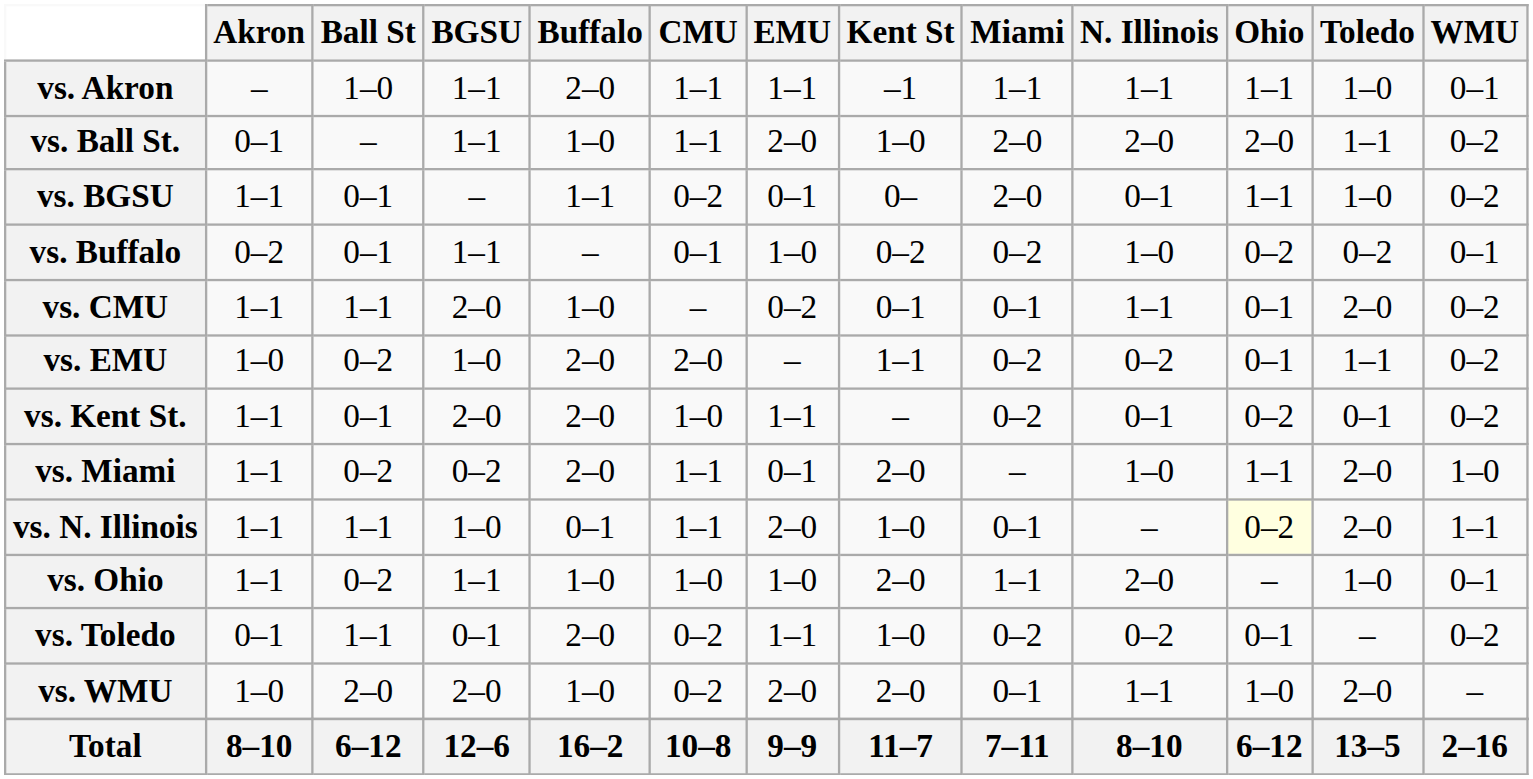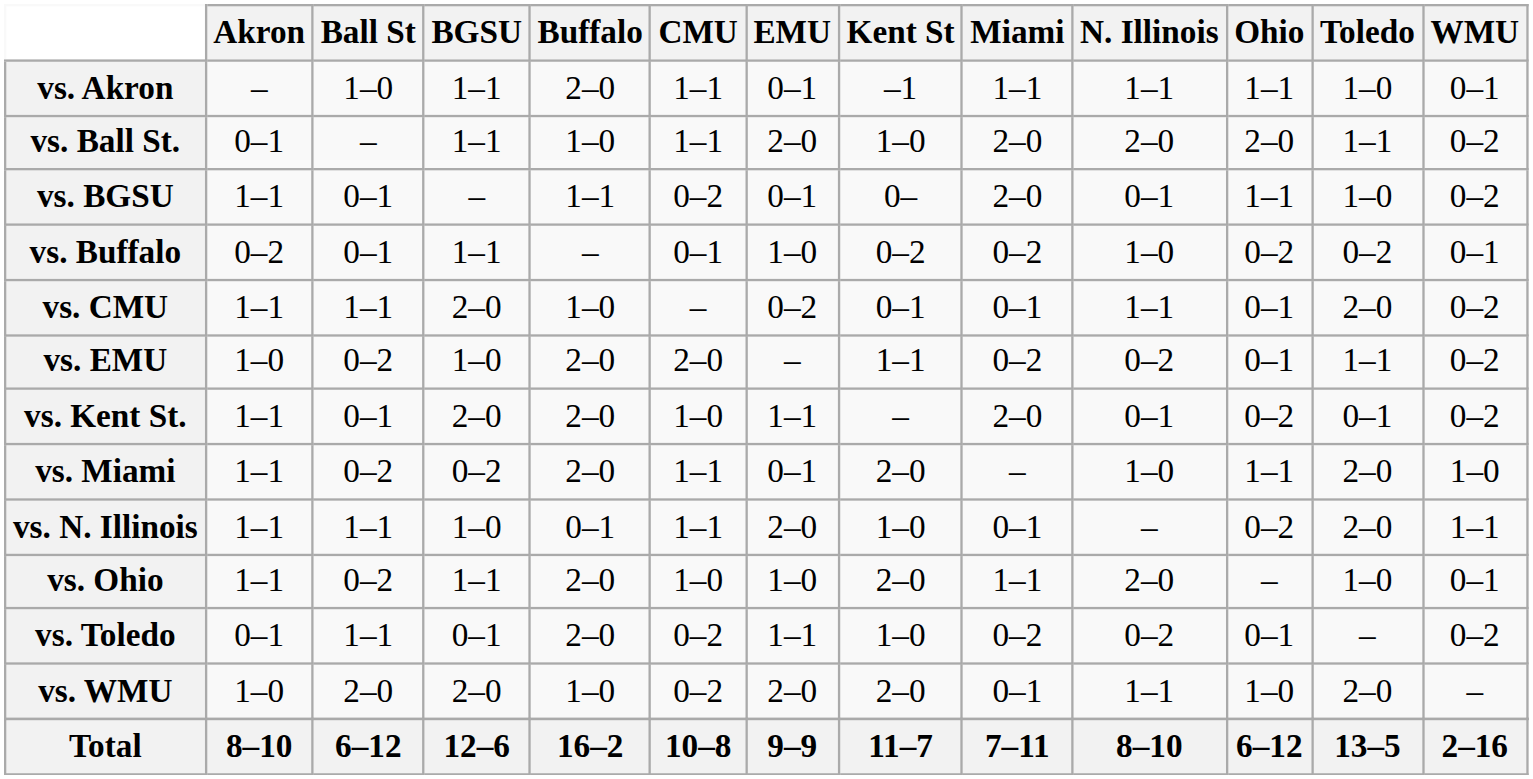 <table class="wikitable" style="white-space:nowrap;font-size:90%;">
 <tr>
 <th colspan=1 style="background:white; border-top-style:hidden; border-left-style:hidden;"   width=75> </th>
 <th>Akron</th>
 <th>Ball St</th>
 <th>BGSU</th>
 <th>Buffalo</th>
 <th>CMU</th>
 <th>EMU</th>
 <th>Kent St</th>
 <th>Miami</th>
 <th>N. Illinois</th>
 <th>Ohio</th>
 <th>Toledo</th>
 <th>WMU</th>
 </tr>
 <tr style="text-align:center;">
 <th>vs. Akron</th>
 <td>–</td>
 <td>1–0</td>
 <td>1–1</td>
 <td>2–0</td>
 <td>1–1</td>
-<td>1–1</td>
+<td>0–1</td>
 <td>–1</td>
 <td>1–1</td>
 <td>1–1</td>
 <td>1–1</td>
 <td>1–0</td>
 <td>0–1</td>
 </tr>
 <tr style="text-align:center;">
 <th>vs. Ball St.</th>
 <td>0–1</td>
 <td>–</td>
 <td>1–1</td>
 <td>1–0</td>
 <td>1–1</td>
 <td>2–0</td>
 <td>1–0</td>
 <td>2–0</td>
 <td>2–0</td>
 <td>2–0</td>
 <td>1–1</td>
 <td>0–2</td>
 </tr>
 <tr style="text-align:center;">
 <th>vs. BGSU</th>
 <td>1–1</td>
 <td>0–1</td>
 <td>–</td>
 <td>1–1</td>
 <td>0–2</td>
 <td>0–1</td>
 <td>0–</td>
 <td>2–0</td>
 <td>0–1</td>
 <td>1–1</td>
 <td>1–0</td>
 <td>0–2</td>
 </tr>
 <tr style="text-align:center;">
 <th>vs. Buffalo</th>
 <td>0–2</td>
 <td>0–1</td>
 <td>1–1</td>
 <td>–</td>
 <td>0–1</td>
 <td>1–0</td>
 <td>0–2</td>
 <td>0–2</td>
 <td>1–0</td>
 <td>0–2</td>
 <td>0–2</td>
 <td>0–1</td>
 </tr>
 <tr style="text-align:center;">
 <th>vs. CMU</th>
 <td>1–1</td>
 <td>1–1</td>
 <td>2–0</td>
 <td>1–0</td>
 <td>–</td>
 <td>0–2</td>
 <td>0–1</td>
 <td>0–1</td>
 <td>1–1</td>
 <td>0–1</td>
 <td>2–0</td>
 <td>0–2</td>
 </tr>
 <tr style="text-align:center;">
 <th>vs. EMU</th>
 <td>1–0</td>
 <td>0–2</td>
 <td>1–0</td>
 <td>2–0</td>
 <td>2–0</td>
 <td>–</td>
 <td>1–1</td>
 <td>0–2</td>
 <td>0–2</td>
 <td>0–1</td>
 <td>1–1</td>
 <td>0–2</td>
 </tr>
 <tr style="text-align:center;">
 <th>vs. Kent St.</th>
 <td>1–1</td>
 <td>0–1</td>
 <td>2–0</td>
 <td>2–0</td>
 <td>1–0</td>
 <td>1–1</td>
 <td>–</td>
-<td>0–2</td>
+<td>2–0</td>
 <td>0–1</td>
 <td>0–2</td>
 <td>0–1</td>
 <td>0–2</td>
 </tr>
 <tr style="text-align:center;">
 <th>vs. Miami</th>
 <td>1–1</td>
 <td>0–2</td>
 <td>0–2</td>
 <td>2–0</td>
 <td>1–1</td>
 <td>0–1</td>
 <td>2–0</td>
 <td>–</td>
 <td>1–0</td>
 <td>1–1</td>
 <td>2–0</td>
 <td>1–0</td>
 </tr>
 <tr style="text-align:center;">
 <th>vs. N. Illinois</th>
 <td>1–1</td>
 <td>1–1</td>
 <td>1–0</td>
 <td>0–1</td>
 <td>1–1</td>
 <td>2–0</td>
 <td>1–0</td>
 <td>0–1</td>
 <td>–</td>
-<td style="background: lightyellow;">0–2</td>
+<td>0–2</td>
 <td>2–0</td>
 <td>1–1</td>
 </tr>
 <tr style="text-align:center;">
 <th>vs. Ohio</th>
 <td>1–1</td>
 <td>0–2</td>
 <td>1–1</td>
-<td>1–0</td>
+<td>2–0</td>
 <td>1–0</td>
 <td>1–0</td>
 <td>2–0</td>
 <td>1–1</td>
 <td>2–0</td>
 <td>–</td>
 <td>1–0</td>
 <td>0–1</td>
 </tr>
 <tr style="text-align:center;">
 <th>vs. Toledo</th>
 <td>0–1</td>
 <td>1–1</td>
 <td>0–1</td>
 <td>2–0</td>
 <td>0–2</td>
 <td>1–1</td>
 <td>1–0</td>
 <td>0–2</td>
 <td>0–2</td>
 <td>0–1</td>
 <td>–</td>
 <td>0–2</td>
 </tr>
 <tr style="text-align:center;">
 <th>vs. WMU</th>
 <td>1–0</td>
 <td>2–0</td>
 <td>2–0</td>
 <td>1–0</td>
 <td>0–2</td>
 <td>2–0</td>
 <td>2–0</td>
 <td>0–1</td>
 <td>1–1</td>
 <td>1–0</td>
 <td>2–0</td>
 <td>–</td>
 </tr>
 <tr style="text-align:center;">
 </tr>
 <tr style="text-align:center;">
 <th>Total</th>
 <th>8–10</th>
 <th>6–12</th>
 <th>12–6</th>
 <th>16–2</th>
 <th>10–8</th>
 <th>9–9</th>
 <th>11–7</th>
 <th>7–11</th>
 <th>8–10</th>
 <th>6–12</th>
 <th>13–5</th>
 <th>2–16</th>
 </tr>
 </table>
